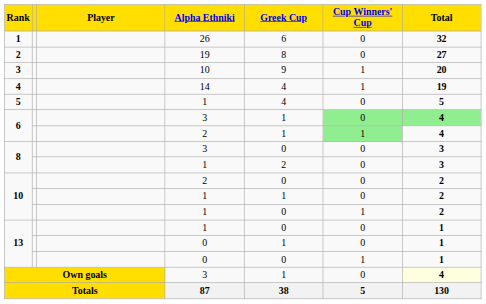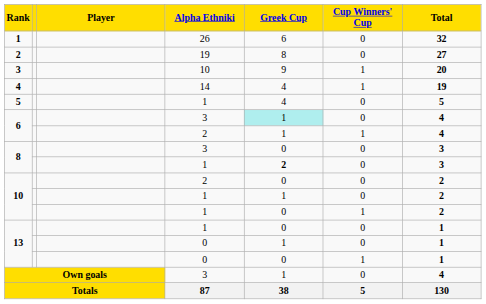 <table class="wikitable sortable" style="text-align: center">
 <tr>
 <th style="background:#FFDE00">Rank</th>
 <th style="background:#FFDE00"></th>
 <th width=200 style="background:#FFDE00">Player</th>
 <th width=120 style="background:#FFDE00"><a href='#'>Alpha Ethniki</a></th>
 <th width=120 style="background:#FFDE00"><a href='#'>Greek Cup</a></th>
 <th width=120 style="background:#FFDE00"><a href='#'>Cup Winners' Cup</a></th>
 <th width=120 style="background:#FFDE00">Total</th>
 </tr>
 <tr>
 <td><strong>1</strong></td>
 <td></td>
 <td align=left></td>
 <td>26</td>
 <td>6</td>
 <td>0</td>
 <td><strong>32</strong></td>
 </tr>
 <tr>
 <td><strong>2</strong></td>
 <td></td>
 <td align=left></td>
 <td>19</td>
 <td>8</td>
 <td>0</td>
 <td><strong>27</strong></td>
 </tr>
 <tr>
 <td><strong>3</strong></td>
 <td></td>
 <td align=left></td>
 <td>10</td>
 <td>9</td>
 <td>1</td>
 <td><strong>20</strong></td>
 </tr>
 <tr>
 <td><strong>4</strong></td>
 <td></td>
 <td align=left></td>
 <td>14</td>
 <td>4</td>
 <td>1</td>
 <td><strong>19</strong></td>
 </tr>
 <tr>
 <td><strong>5</strong></td>
 <td></td>
 <td align=left></td>
 <td>1</td>
 <td>4</td>
 <td>0</td>
 <td><strong>5</strong></td>
 </tr>
 <tr>
 <td rowspan=2><strong>6</strong></td>
 <td></td>
 <td align=left></td>
 <td>3</td>
-<td>1</td>
-<td style="background: lightgreen;">0</td>
-<td style="background: lightgreen;"><strong>4</strong></td>
+<td style="background: paleturquoise;">1</td>
+<td>0</td>
+<td><strong>4</strong></td>
 </tr>
 <tr>
 <td></td>
 <td align=left></td>
 <td>2</td>
 <td>1</td>
-<td style="background: lightgreen;">1</td>
+<td>1</td>
 <td><strong>4</strong></td>
 </tr>
 <tr>
 <td rowspan=2><strong>8</strong></td>
 <td></td>
 <td align=left></td>
 <td>3</td>
 <td>0</td>
 <td>0</td>
 <td><strong>3</strong></td>
 </tr>
 <tr>
 <td></td>
 <td align=left></td>
 <td>1</td>
-<td>2</td>
+<td><strong>2</strong></td>
 <td>0</td>
 <td><strong>3</strong></td>
 </tr>
 <tr>
 <td rowspan=3><strong>10</strong></td>
 <td></td>
 <td align=left></td>
 <td>2</td>
 <td>0</td>
 <td>0</td>
 <td><strong>2</strong></td>
 </tr>
 <tr>
 <td></td>
 <td align=left></td>
 <td>1</td>
 <td>1</td>
 <td>0</td>
 <td><strong>2</strong></td>
 </tr>
 <tr>
 <td></td>
 <td align=left></td>
 <td>1</td>
 <td>0</td>
 <td>1</td>
 <td><strong>2</strong></td>
 </tr>
 <tr>
 <td rowspan=3><strong>13</strong></td>
 <td></td>
 <td align=left></td>
 <td>1</td>
 <td>0</td>
 <td>0</td>
 <td><strong>1</strong></td>
 </tr>
 <tr>
 <td></td>
 <td align=left></td>
 <td>0</td>
 <td>1</td>
 <td>0</td>
 <td><strong>1</strong></td>
 </tr>
 <tr>
 <td></td>
 <td align=left></td>
 <td>0</td>
 <td>0</td>
 <td>1</td>
 <td><strong>1</strong></td>
 </tr>
 <tr class="sortbottom">
 <td colspan=3 style="background:#FFDE00"><strong>Own goals</strong></td>
 <td>3</td>
 <td>1</td>
 <td>0</td>
-<td style="background: lightyellow;"><strong>4</strong></td>
+<td><strong>4</strong></td>
 </tr>
 <tr class="sortbottom">
 <th colspan=3 style="background:#FFDE00"><strong>Totals</strong></th>
 <th><strong> 87</strong></th>
 <th><strong> 38</strong></th>
 <th><strong>  5</strong></th>
 <th><strong>130</strong></th>
 </tr>
 </table>
